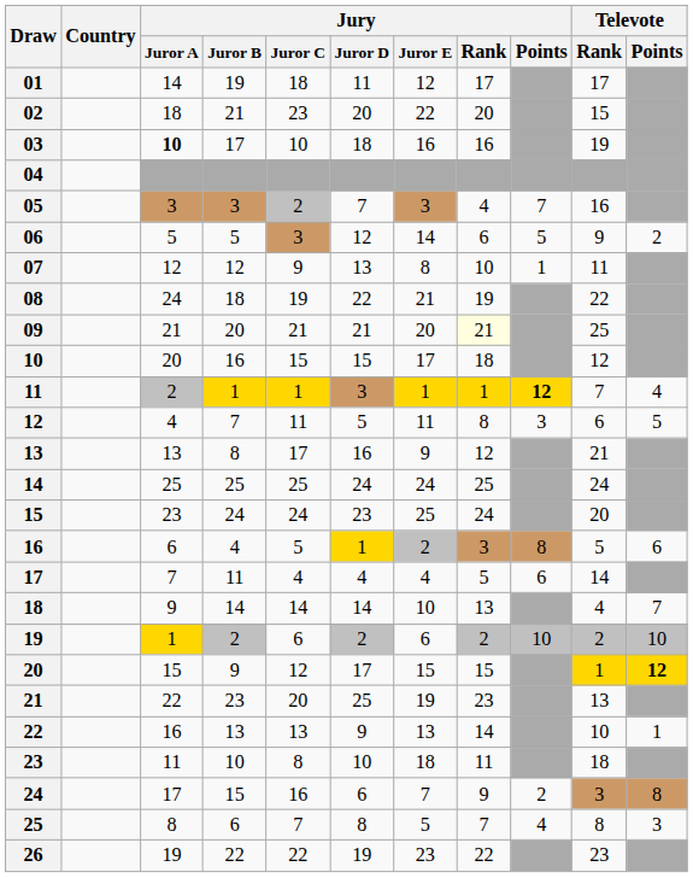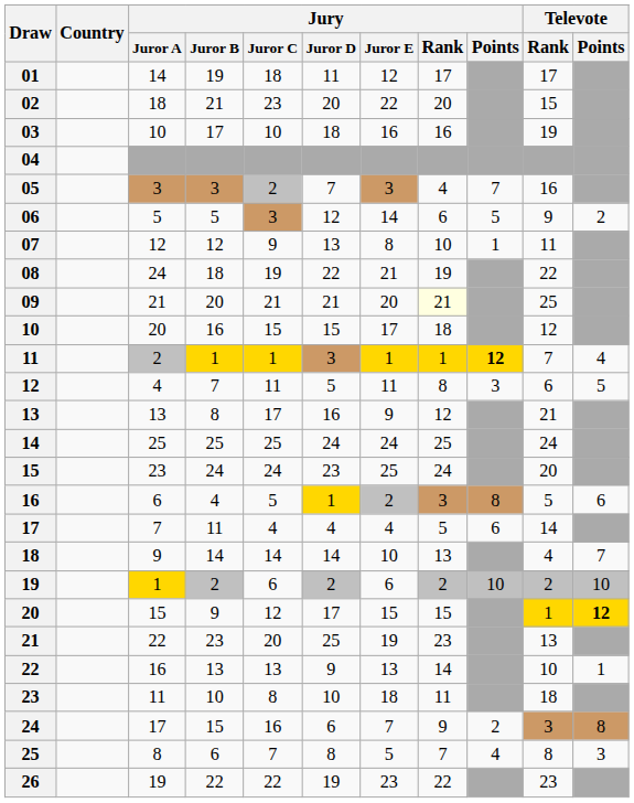 <table class="sortable wikitable collapsible plainrowheaders" style="text-align:center;">
 <tr>
 </tr>
 <tr>
 <th scope="col" rowspan="2">Draw</th>
 <th scope="col" rowspan="2">Country</th>
 <th scope="col" colspan="7">Jury</th>
 <th scope="col" colspan="2">Televote</th>
 </tr>
 <tr>
 <th scope="col"><small>Juror A</small></th>
 <th scope="col"><small>Juror B</small></th>
 <th scope="col"><small>Juror C</small></th>
 <th scope="col"><small>Juror D</small></th>
 <th scope="col"><small>Juror E</small></th>
 <th scope="col">Rank</th>
 <th scope="col">Points</th>
 <th scope="col">Rank</th>
 <th scope="col">Points</th>
 </tr>
 <tr>
 <th scope="row" style="text-align:center;">01</th>
 <td style="text-align:left;"></td>
 <td>14</td>
 <td>19</td>
 <td>18</td>
 <td>11</td>
 <td>12</td>
 <td>17</td>
 <td style="background:#AAAAAA;"></td>
 <td>17</td>
 <td style="background:#AAAAAA;"></td>
 </tr>
 <tr>
 <th scope="row" style="text-align:center;">02</th>
 <td style="text-align:left;"></td>
 <td>18</td>
 <td>21</td>
 <td>23</td>
 <td>20</td>
 <td>22</td>
 <td>20</td>
 <td style="background:#AAAAAA;"></td>
 <td>15</td>
 <td style="background:#AAAAAA;"></td>
 </tr>
 <tr>
 <th scope="row" style="text-align:center;">03</th>
 <td style="text-align:left;"></td>
-<td><strong>10</strong></td>
+<td>10</td>
 <td>17</td>
 <td>10</td>
 <td>18</td>
 <td>16</td>
 <td>16</td>
 <td style="background:#AAAAAA;"></td>
 <td>19</td>
 <td style="background:#AAAAAA;"></td>
 </tr>
 <tr class="sortbottom">
 <th scope="row" style="text-align:center;">04</th>
 <td style="text-align:left;"></td>
 <td style="background:#AAAAAA;"></td>
 <td style="background:#AAAAAA;"></td>
 <td style="background:#AAAAAA;"></td>
 <td style="background:#AAAAAA;"></td>
 <td style="background:#AAAAAA;"></td>
 <td style="background:#AAAAAA;"></td>
 <td style="background:#AAAAAA;"></td>
 <td style="background:#AAAAAA;"></td>
 <td style="background:#AAAAAA;"></td>
 </tr>
 <tr>
 <th scope="row" style="text-align:center;">05</th>
 <td style="text-align:left;"></td>
 <td style="background:#CC9966;">3</td>
 <td style="background:#CC9966;">3</td>
 <td style="background:silver;">2</td>
 <td>7</td>
 <td style="background:#CC9966;">3</td>
 <td>4</td>
 <td>7</td>
 <td>16</td>
 <td style="background:#AAAAAA;"></td>
 </tr>
 <tr>
 <th scope="row" style="text-align:center;">06</th>
 <td style="text-align:left;"></td>
 <td>5</td>
 <td>5</td>
 <td style="background:#CC9966;">3</td>
 <td>12</td>
 <td>14</td>
 <td>6</td>
 <td>5</td>
 <td>9</td>
 <td>2</td>
 </tr>
 <tr>
 <th scope="row" style="text-align:center;">07</th>
 <td style="text-align:left;"></td>
 <td>12</td>
 <td>12</td>
 <td>9</td>
 <td>13</td>
 <td>8</td>
 <td>10</td>
 <td>1</td>
 <td>11</td>
 <td style="background:#AAAAAA;"></td>
 </tr>
 <tr>
 <th scope="row" style="text-align:center;">08</th>
 <td style="text-align:left;"></td>
 <td>24</td>
 <td>18</td>
 <td>19</td>
 <td>22</td>
 <td>21</td>
 <td>19</td>
 <td style="background:#AAAAAA;"></td>
 <td>22</td>
 <td style="background:#AAAAAA;"></td>
 </tr>
 <tr>
 <th scope="row" style="text-align:center;">09</th>
 <td style="text-align:left;"></td>
 <td>21</td>
 <td>20</td>
 <td>21</td>
 <td>21</td>
 <td>20</td>
 <td style="background: lightyellow;">21</td>
 <td style="background:#AAAAAA;"></td>
 <td>25</td>
 <td style="background:#AAAAAA;"></td>
 </tr>
 <tr>
 <th scope="row" style="text-align:center;">10</th>
 <td style="text-align:left;"></td>
 <td>20</td>
 <td>16</td>
 <td>15</td>
 <td>15</td>
 <td>17</td>
 <td>18</td>
 <td style="background:#AAAAAA;"></td>
 <td>12</td>
 <td style="background:#AAAAAA;"></td>
 </tr>
 <tr>
 <th scope="row" style="text-align:center;">11</th>
 <td style="text-align:left;"></td>
 <td style="background:silver;">2</td>
 <td style="background:gold;">1</td>
 <td style="background:gold;">1</td>
 <td style="background:#CC9966;">3</td>
 <td style="background:gold;">1</td>
 <td style="background:gold;">1</td>
 <td style="background:gold;"><strong>12</strong></td>
 <td>7</td>
 <td>4</td>
 </tr>
 <tr>
 <th scope="row" style="text-align:center;">12</th>
 <td style="text-align:left;"></td>
 <td>4</td>
 <td>7</td>
 <td>11</td>
 <td>5</td>
 <td>11</td>
 <td>8</td>
 <td>3</td>
 <td>6</td>
 <td>5</td>
 </tr>
 <tr>
 <th scope="row" style="text-align:center;">13</th>
 <td style="text-align:left;"></td>
 <td>13</td>
 <td>8</td>
 <td>17</td>
 <td>16</td>
 <td>9</td>
 <td>12</td>
 <td style="background:#AAAAAA;"></td>
 <td>21</td>
 <td style="background:#AAAAAA;"></td>
 </tr>
 <tr>
 <th scope="row" style="text-align:center;">14</th>
 <td style="text-align:left;"></td>
 <td>25</td>
 <td>25</td>
 <td>25</td>
 <td>24</td>
 <td>24</td>
 <td>25</td>
 <td style="background:#AAAAAA;"></td>
 <td>24</td>
 <td style="background:#AAAAAA;"></td>
 </tr>
 <tr>
 <th scope="row" style="text-align:center;">15</th>
 <td style="text-align:left;"></td>
 <td>23</td>
 <td>24</td>
 <td>24</td>
 <td>23</td>
 <td>25</td>
 <td>24</td>
 <td style="background:#AAAAAA;"></td>
 <td>20</td>
 <td style="background:#AAAAAA;"></td>
 </tr>
 <tr>
 <th scope="row" style="text-align:center;">16</th>
 <td style="text-align:left;"></td>
 <td>6</td>
 <td>4</td>
 <td>5</td>
 <td style="background:gold;">1</td>
 <td style="background:silver;">2</td>
 <td style="background:#CC9966;">3</td>
 <td style="background:#CC9966;">8</td>
 <td>5</td>
 <td>6</td>
 </tr>
 <tr>
 <th scope="row" style="text-align:center;">17</th>
 <td style="text-align:left;"></td>
 <td>7</td>
 <td>11</td>
 <td>4</td>
 <td>4</td>
 <td>4</td>
 <td>5</td>
 <td>6</td>
 <td>14</td>
 <td style="background:#AAAAAA;"></td>
 </tr>
 <tr>
 <th scope="row" style="text-align:center;">18</th>
 <td style="text-align:left;"></td>
 <td>9</td>
 <td>14</td>
 <td>14</td>
 <td>14</td>
 <td>10</td>
 <td>13</td>
 <td style="background:#AAAAAA;"></td>
 <td>4</td>
 <td>7</td>
 </tr>
 <tr>
 <th scope="row" style="text-align:center;">19</th>
 <td style="text-align:left;"></td>
 <td style="background:gold;">1</td>
 <td style="background:silver;">2</td>
 <td>6</td>
 <td style="background:silver;">2</td>
 <td>6</td>
 <td style="background:silver;">2</td>
 <td style="background:silver;">10</td>
 <td style="background:silver;">2</td>
 <td style="background:silver;">10</td>
 </tr>
 <tr>
 <th scope="row" style="text-align:center;">20</th>
 <td style="text-align:left;"></td>
 <td>15</td>
 <td>9</td>
 <td>12</td>
 <td>17</td>
 <td>15</td>
 <td>15</td>
 <td style="background:#AAAAAA;"></td>
 <td style="background:gold;">1</td>
 <td style="background:gold;"><strong>12</strong></td>
 </tr>
 <tr>
 <th scope="row" style="text-align:center;">21</th>
 <td style="text-align:left;"></td>
 <td>22</td>
 <td>23</td>
 <td>20</td>
 <td>25</td>
 <td>19</td>
 <td>23</td>
 <td style="background:#AAAAAA;"></td>
 <td>13</td>
 <td style="background:#AAAAAA;"></td>
 </tr>
 <tr>
 <th scope="row" style="text-align:center;">22</th>
 <td style="text-align:left;"></td>
 <td>16</td>
 <td>13</td>
 <td>13</td>
 <td>9</td>
 <td>13</td>
 <td>14</td>
 <td style="background:#AAAAAA;"></td>
 <td>10</td>
 <td>1</td>
 </tr>
 <tr>
 <th scope="row" style="text-align:center;">23</th>
 <td style="text-align:left;"></td>
 <td>11</td>
 <td>10</td>
 <td>8</td>
 <td>10</td>
 <td>18</td>
 <td>11</td>
 <td style="background:#AAAAAA;"></td>
 <td>18</td>
 <td style="background:#AAAAAA;"></td>
 </tr>
 <tr>
 <th scope="row" style="text-align:center;">24</th>
 <td style="text-align:left;"></td>
 <td>17</td>
 <td>15</td>
 <td>16</td>
 <td>6</td>
 <td>7</td>
 <td>9</td>
 <td>2</td>
 <td style="background:#CC9966;">3</td>
 <td style="background:#CC9966;">8</td>
 </tr>
 <tr>
 <th scope="row" style="text-align:center;">25</th>
 <td style="text-align:left;"></td>
 <td>8</td>
 <td>6</td>
 <td>7</td>
 <td>8</td>
 <td>5</td>
 <td>7</td>
 <td>4</td>
 <td>8</td>
 <td>3</td>
 </tr>
 <tr>
 <th scope="row" style="text-align:center;">26</th>
 <td style="text-align:left;"></td>
 <td>19</td>
 <td>22</td>
 <td>22</td>
 <td>19</td>
 <td>23</td>
 <td>22</td>
 <td style="background:#AAAAAA;"></td>
 <td>23</td>
 <td style="background:#AAAAAA;"></td>
 </tr>
 </table>
